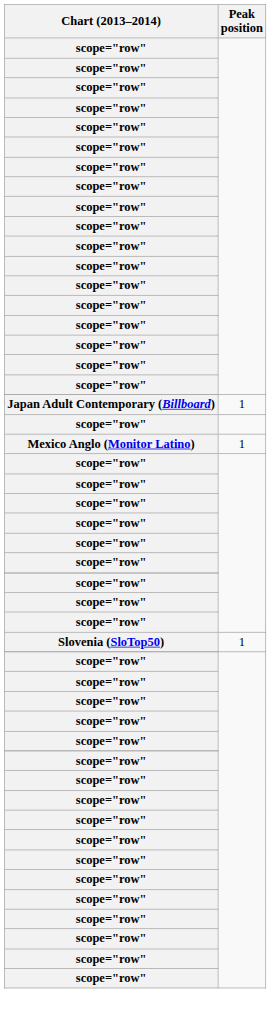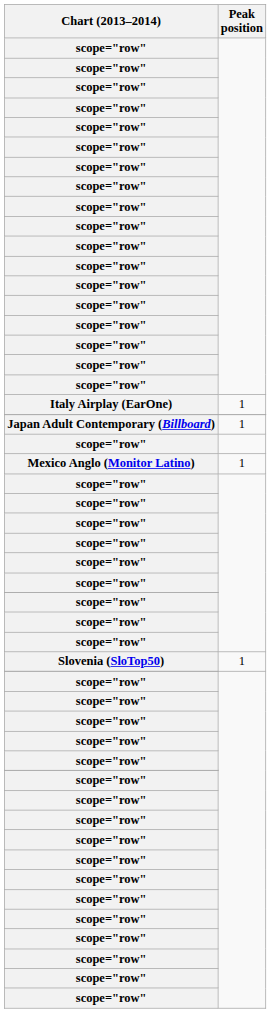 <table class="wikitable plainrowheaders sortable" style="text-align:center">
 <tr>
 <th scope="col">Chart (2013–2014)</th>
 <th scope="col">Peak<br>position</th>
 </tr>
 <tr>
 <th>scope="row"</th>
 </tr>
 <tr>
 <th>scope="row"</th>
 </tr>
 <tr>
 <th>scope="row"</th>
 </tr>
 <tr>
 <th>scope="row"</th>
 </tr>
 <tr>
 <th>scope="row"</th>
 </tr>
 <tr>
 <th>scope="row"</th>
 </tr>
 <tr>
 <th>scope="row"</th>
 </tr>
 <tr>
 <th>scope="row"</th>
 </tr>
 <tr>
 <th>scope="row"</th>
 </tr>
 <tr>
 <th>scope="row"</th>
 </tr>
 <tr>
 <th>scope="row"</th>
 </tr>
 <tr>
 <th>scope="row"</th>
 </tr>
 <tr>
 <th>scope="row"</th>
 </tr>
 <tr>
 <th>scope="row"</th>
 </tr>
 <tr>
 <th>scope="row"</th>
 </tr>
 <tr>
 <th>scope="row"</th>
 </tr>
 <tr>
 <th>scope="row"</th>
 </tr>
 <tr>
 <th>scope="row"</th>
+</tr>
+<tr>
+<th scope="row">Italy Airplay (EarOne)</th>
+<td>1</td>
 </tr>
 <tr>
 </tr>
 <tr>
 <th scope="row">Japan Adult Contemporary (<em><a href='#'>Billboard</a></em>)</th>
 <td>1</td>
 </tr>
 <tr>
 <th>scope="row"</th>
 </tr>
 <tr>
 <th scope="row">Mexico Anglo (<a href='#'>Monitor Latino</a>)</th>
 <td>1</td>
 </tr>
 <tr>
 <th>scope="row"</th>
 </tr>
 <tr>
 <th>scope="row"</th>
 </tr>
 <tr>
 <th>scope="row"</th>
 </tr>
 <tr>
 <th>scope="row"</th>
 </tr>
 <tr>
 <th>scope="row"</th>
 </tr>
 <tr>
 <th>scope="row"</th>
 </tr>
 <tr>
 </tr>
 <tr>
 <th>scope="row"</th>
 </tr>
 <tr>
 <th>scope="row"</th>
 </tr>
 <tr>
 <th>scope="row"</th>
 </tr>
 <tr>
 <th scope="row">Slovenia (<a href='#'>SloTop50</a>)</th>
 <td align=center>1</td>
 </tr>
 <tr>
 </tr>
 <tr>
 <th>scope="row"</th>
 </tr>
 <tr>
 <th>scope="row"</th>
 </tr>
 <tr>
 <th>scope="row"</th>
 </tr>
 <tr>
 <th>scope="row"</th>
 </tr>
 <tr>
 <th>scope="row"</th>
 </tr>
 <tr>
 </tr>
 <tr>
 <th>scope="row"</th>
 </tr>
 <tr>
 <th>scope="row"</th>
 </tr>
 <tr>
 <th>scope="row"</th>
 </tr>
 <tr>
 <th>scope="row"</th>
 </tr>
 <tr>
 <th>scope="row"</th>
 </tr>
 <tr>
 <th>scope="row"</th>
 </tr>
 <tr>
 <th>scope="row"</th>
 </tr>
 <tr>
 <th>scope="row"</th>
 </tr>
 <tr>
 <th>scope="row"</th>
 </tr>
 <tr>
 <th>scope="row"</th>
 </tr>
 <tr>
 <th>scope="row"</th>
 </tr>
 <tr>
 <th>scope="row"</th>
 </tr>
 </table>
